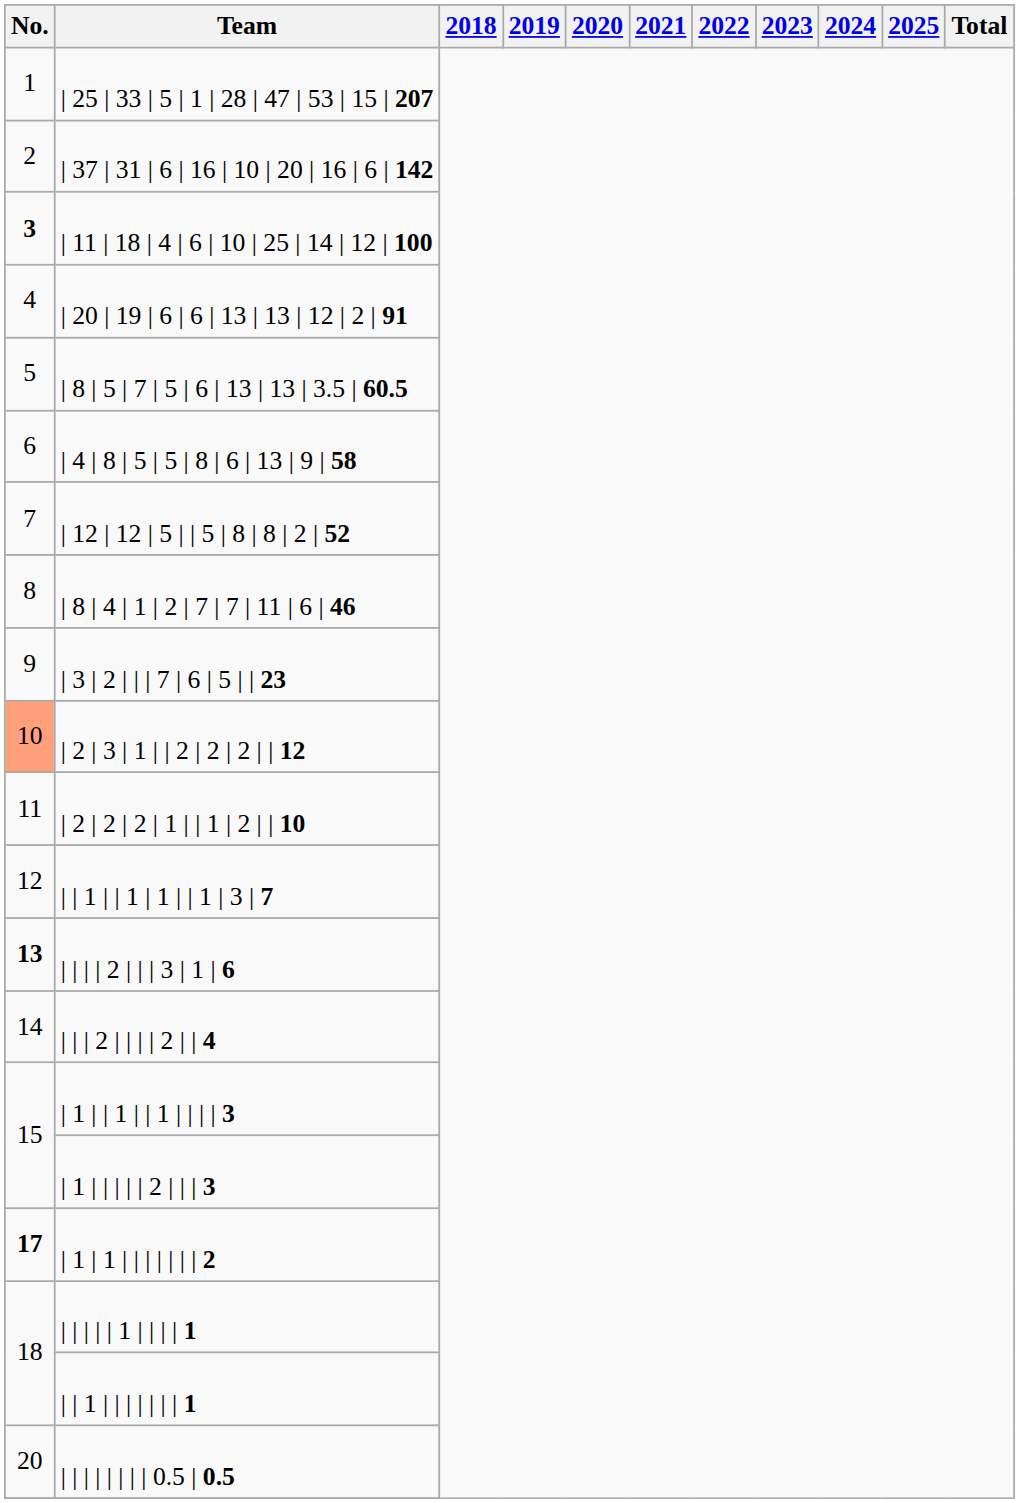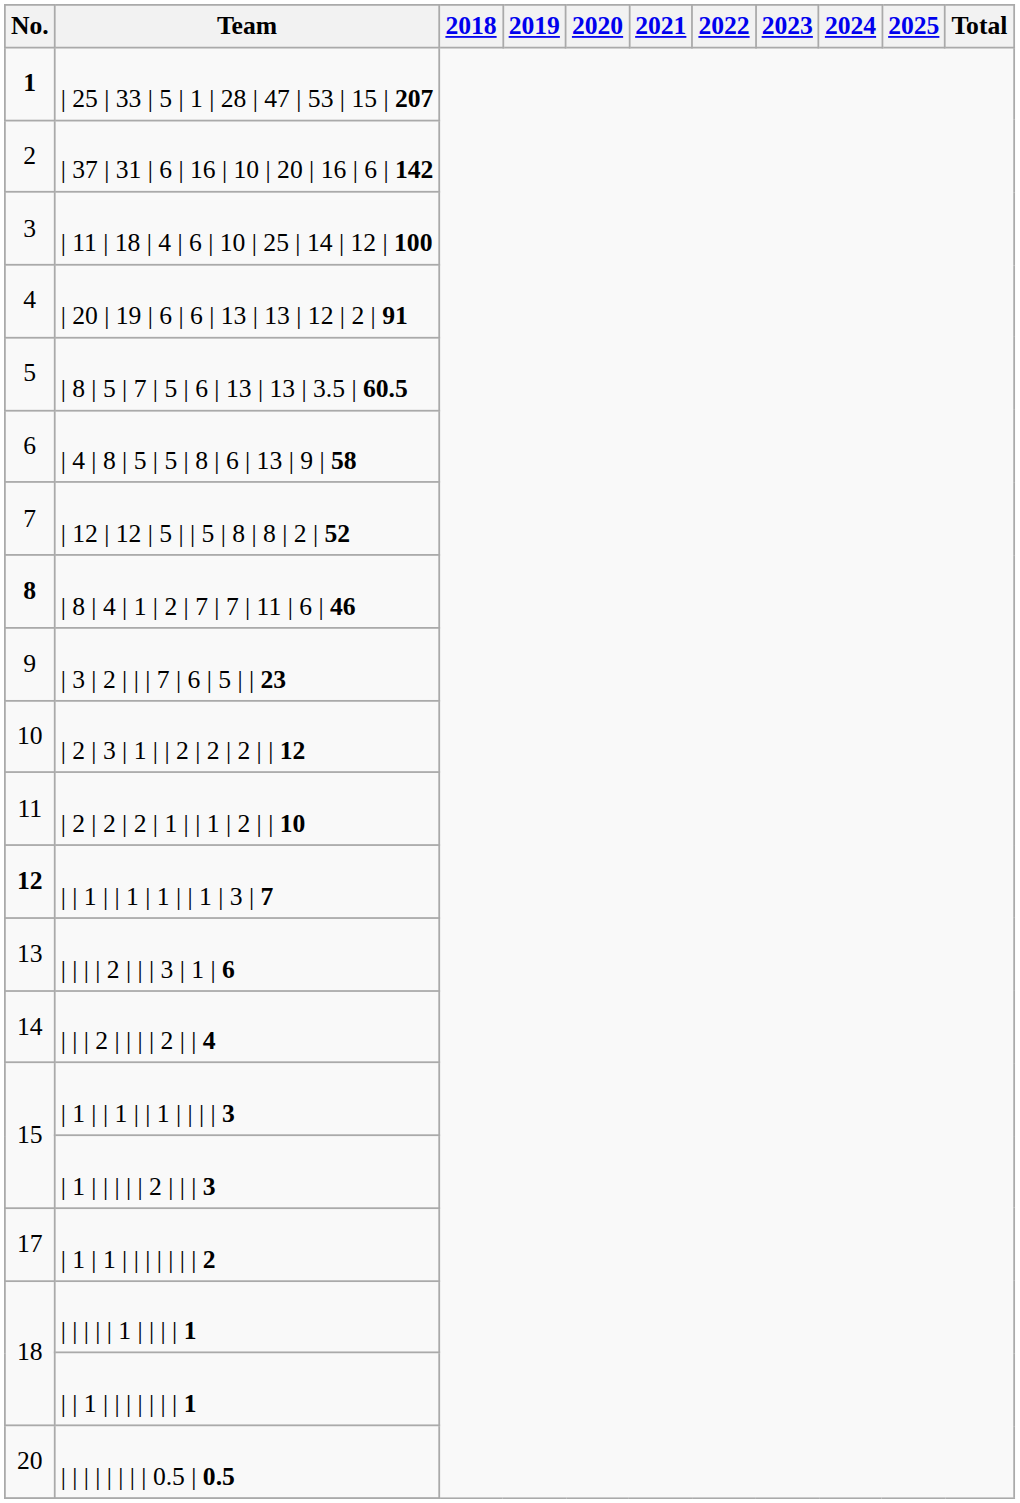 <table class="wikitable" style="font-size:90%; text-align:center">
 <tr>
 <th>No.</th>
 <th>Team</th>
 <th><a href='#'>2018</a></th>
 <th><a href='#'>2019</a></th>
 <th><a href='#'>2020</a></th>
 <th><a href='#'>2021</a></th>
 <th><a href='#'>2022</a></th>
 <th><a href='#'>2023</a></th>
 <th><a href='#'>2024</a></th>
 <th><a href='#'>2025</a></th>
 <th>Total</th>
 </tr>
 <tr>
-<td>1</td>
+<td><strong>1</strong></td>
 <td align="left"><br>| 25 | 33 | 5 | 1 | 28 | 47 | 53 | 15 | <strong>207</strong></td>
 </tr>
 <tr>
 <td>2</td>
 <td align="left"><br>| 37 | 31 | 6 | 16 | 10 | 20 | 16 | 6 | <strong>142</strong></td>
 </tr>
 <tr>
-<td><strong>3</strong></td>
+<td>3</td>
 <td align="left"><br>| 11 | 18 | 4 | 6 | 10 | 25 | 14 | 12 | <strong>100</strong></td>
 </tr>
 <tr>
 <td>4</td>
 <td align="left"><br>| 20  | 19 | 6 | 6 | 13 | 13 | 12 | 2 | <strong>91</strong></td>
 </tr>
 <tr>
 <td>5</td>
 <td align="left"><br>| 8 | 5 | 7 | 5 | 6 | 13 | 13 | 3.5 | <strong>60.5</strong></td>
 </tr>
 <tr>
 <td>6</td>
 <td align="left"><br>| 4 | 8 | 5 | 5 | 8 | 6 | 13 | 9 | <strong>58</strong></td>
 </tr>
 <tr>
 <td>7</td>
 <td align="left"><br>| 12 | 12 | 5 | | 5 | 8 | 8 | 2 | <strong>52</strong></td>
 </tr>
 <tr>
-<td>8</td>
+<td><strong>8</strong></td>
 <td align="left"><br>| 8 | 4 | 1 | 2 | 7 | 7 | 11 | 6 | <strong>46</strong></td>
 </tr>
 <tr>
 <td>9</td>
 <td align="left"><br>| 3 | 2 |  |  | 7 | 6 | 5 | | <strong>23</strong></td>
 </tr>
 <tr>
-<td style="background: lightsalmon;">10</td>
+<td>10</td>
 <td align="left"><br>| 2 | 3 | 1 |  | 2 | 2 | 2 | | <strong>12</strong></td>
 </tr>
 <tr>
 <td>11</td>
 <td align="left"><br>| 2 | 2 | 2 | 1 | | 1 | 2 | | <strong>10</strong></td>
 </tr>
 <tr>
-<td>12</td>
+<td><strong>12</strong></td>
 <td align="left"><br>|  | 1 |  | 1 | 1 |  | 1 | 3 | <strong>7</strong></td>
 </tr>
 <tr>
-<td><strong>13</strong></td>
+<td>13</td>
 <td align="left"><br>|  |  |  | 2 |  |  | 3 | 1 | <strong>6</strong></td>
 </tr>
 <tr>
 <td>14</td>
 <td align="left"><br>|  |  | 2 |  | |  | 2 | | <strong>4</strong></td>
 </tr>
 <tr>
 <td rowspan=2>15</td>
 <td align="left"><br>| 1 |  | 1 |  | 1 |  |  | | <strong>3</strong></td>
 </tr>
 <tr>
 <td align="left"><br>| 1 |  |  |  | | 2 |  | | <strong>3</strong></td>
 </tr>
 <tr>
-<td><strong>17</strong></td>
+<td>17</td>
 <td align="left"><br>| 1 | 1 |  |  | |  |  | | <strong>2</strong></td>
 </tr>
 <tr>
 <td rowspan=2>18</td>
 <td align="left"><br>|  |  |  |  | 1 |  |  | | <strong>1</strong></td>
 </tr>
 <tr>
 <td align="left"><br>|  | 1 |  |  | |  |  | | <strong>1</strong></td>
 </tr>
 <tr>
 <td>20</td>
 <td align="left"><br>|  |  |  |  | |  |  | 0.5 | <strong>0.5</strong></td>
 </tr>
 <tr>
 </tr>
 </table>
